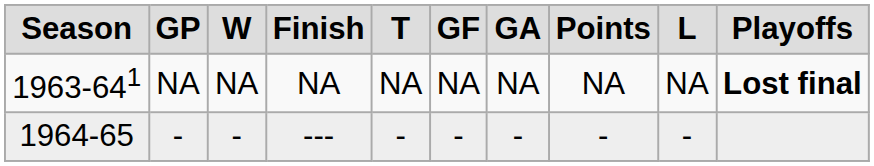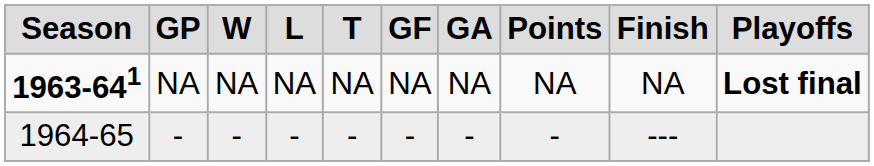 <table class="wikitable">
 <tr align="center"  bgcolor="#dddddd">
 <td><strong>Season</strong></td>
 <td><strong>GP </strong></td>
 <td><strong> W </strong></td>
-<td><strong>Finish</strong></td>
+<td><strong> L </strong></td>
 <td><strong> T </strong></td>
 <td><strong>GF </strong></td>
 <td><strong>GA </strong></td>
 <td><strong>Points</strong></td>
-<td><strong> L </strong></td>
+<td><strong>Finish</strong></td>
 <td><strong>Playoffs</strong></td>
 </tr>
 <tr align="center">
-<td>1963-64<sup>1</sup></td>
+<td><strong>1963-64<sup>1</sup></strong></td>
 <td>NA</td>
 <td>NA</td>
 <td>NA</td>
 <td>NA</td>
 <td>NA</td>
 <td>NA</td>
 <td>NA</td>
 <td>NA</td>
 <td><strong>Lost final</strong></td>
 </tr>
 <tr align="center" bgcolor="#eeeeee">
 <td>1964-65</td>
 <td>-</td>
 <td>-</td>
-<td>---</td>
 <td>-</td>
 <td>-</td>
 <td>-</td>
 <td>-</td>
 <td>-</td>
+<td>---</td>
 <td></td>
 </tr>
 </table>
